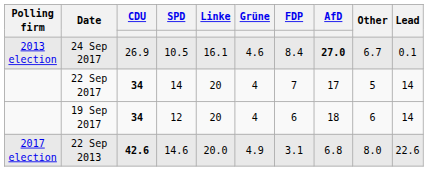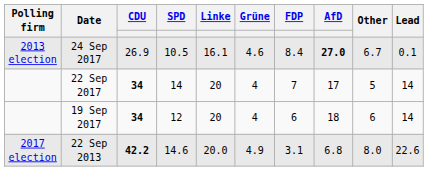 <table class="wikitable sortable" style="text-align:center; font-size:90%; line-height:16px;">
 <tr>
 <th style="width:60px;" rowspan="2">Polling firm</th>
 <th style="width:60px;" rowspan="2">Date</th>
 <th style="width:40px;" class="unsortable"><a href='#'>CDU</a></th>
 <th style="width:40px;" class="unsortable"><a href='#'>SPD</a></th>
 <th style="width:40px;" class="unsortable"><a href='#'>Linke</a></th>
 <th style="width:40px;" class="unsortable"><a href='#'>Grüne</a></th>
 <th style="width:40px;" class="unsortable"><a href='#'>FDP</a></th>
 <th style="width:40px;" class="unsortable"><a href='#'>AfD</a></th>
 <th style="width:40px;" rowspan="2" class="unsortable">Other</th>
 <th style="width:30px;" rowspan="2" class="unsortable">Lead</th>
 </tr>
 <tr>
 <th style="color:inherit;background:"></th>
 <th style="color:inherit;background:"></th>
 <th style="color:inherit;background:"></th>
 <th style="color:inherit;background:"></th>
 <th style="color:inherit;background:"></th>
 <th style="color:inherit;background:"></th>
 </tr>
 <tr style="background-color:#E9E9E9">
 <td><a href='#'>2013 election</a></td>
 <td>24 Sep 2017</td>
 <td>26.9</td>
 <td>10.5</td>
 <td>16.1</td>
 <td>4.6</td>
 <td>8.4</td>
 <td><strong>27.0</strong></td>
 <td>6.7</td>
 <td style="background:">0.1</td>
 </tr>
 <tr>
 <td></td>
 <td>22 Sep 2017</td>
 <td><strong>34</strong></td>
 <td>14</td>
 <td>20</td>
 <td>4</td>
 <td>7</td>
 <td>17</td>
 <td>5</td>
 <td style="background:">14</td>
 </tr>
 <tr>
 <td></td>
 <td>19 Sep 2017</td>
 <td><strong>34</strong></td>
 <td>12</td>
 <td>20</td>
 <td>4</td>
 <td>6</td>
 <td>18</td>
 <td>6</td>
 <td style="background:">14</td>
 </tr>
 <tr style="background-color:#E9E9E9">
 <td><a href='#'>2017 election</a></td>
 <td>22 Sep 2013</td>
-<td><strong>42.6</strong></td>
+<td><strong>42.2</strong></td>
 <td>14.6</td>
 <td>20.0</td>
 <td>4.9</td>
 <td>3.1</td>
 <td>6.8</td>
 <td>8.0</td>
 <td style="background:">22.6</td>
 </tr>
 </table>
